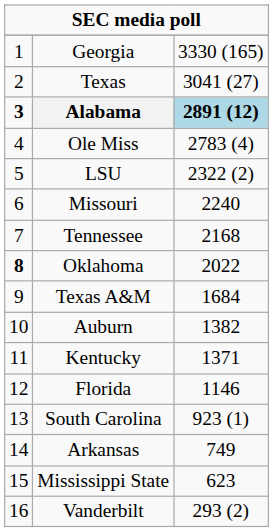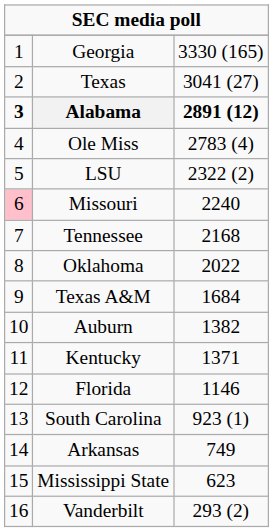 <table class="wikitable" style="display: inline-table;">
 <tr>
 <td align="center" Colspan="3"><strong>SEC media poll</strong></td>
 </tr>
 <tr align="center">
 </tr>
 <tr align="center">
 <td>1</td>
 <td>Georgia</td>
 <td>3330 (165)</td>
 </tr>
 <tr align="center">
 <td>2</td>
 <td>Texas</td>
 <td>3041 (27)</td>
 </tr>
 <tr align="center">
 <td><strong>3</strong></td>
 <th><strong>Alabama</strong></th>
-<td style="background: lightblue;"><strong>2891 (12)</strong></td>
+<td><strong>2891 (12)</strong></td>
 </tr>
 <tr align="center">
 <td>4</td>
 <td>Ole Miss</td>
 <td>2783 (4)</td>
 </tr>
 <tr align="center">
 <td>5</td>
 <td>LSU</td>
 <td>2322 (2)</td>
 </tr>
 <tr align="center">
-<td>6</td>
+<td style="background: pink;">6</td>
 <td>Missouri</td>
 <td>2240</td>
 </tr>
 <tr align="center">
 <td>7</td>
 <td>Tennessee</td>
 <td>2168</td>
 </tr>
 <tr align="center">
-<td><strong>8</strong></td>
+<td>8</td>
 <td>Oklahoma</td>
 <td>2022</td>
 </tr>
 <tr align="center">
 <td>9</td>
 <td>Texas A&M</td>
 <td>1684</td>
 </tr>
 <tr align="center">
 <td>10</td>
 <td>Auburn</td>
 <td>1382</td>
 </tr>
 <tr align="center">
 <td>11</td>
 <td>Kentucky</td>
 <td>1371</td>
 </tr>
 <tr align="center">
 <td>12</td>
 <td>Florida</td>
 <td>1146</td>
 </tr>
 <tr align="center">
 <td>13</td>
 <td>South Carolina</td>
 <td>923 (1)</td>
 </tr>
 <tr align="center">
 <td>14</td>
 <td>Arkansas</td>
 <td>749</td>
 </tr>
 <tr align="center">
 <td>15</td>
 <td>Mississippi State</td>
 <td>623</td>
 </tr>
 <tr align="center">
 <td>16</td>
 <td>Vanderbilt</td>
 <td>293 (2)</td>
 </tr>
 </table>
